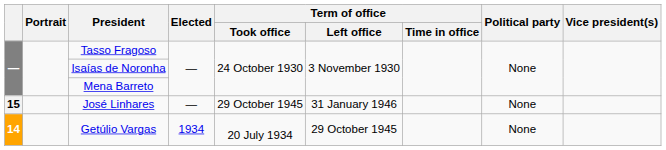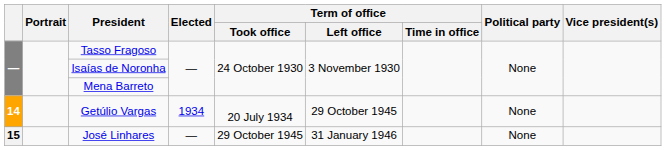 <table class="wikitable" style="text-align:center">
 <tr>
 <th rowspan="2"></th>
 <th rowspan="2">Portrait</th>
 <th rowspan="2">President<br></th>
 <th rowspan="2">Elected</th>
 <th colspan="3">Term of office</th>
 <th rowspan="2">Political party</th>
 <th rowspan="2">Vice president(s)</th>
 </tr>
 <tr bgcolor="#cccccc">
 <th>Took office</th>
 <th>Left office</th>
 <th>Time in office</th>
 </tr>
 <tr>
 <th rowspan="3" style="background:gray; color:white;">—</th>
 <td rowspan="3"></td>
 <td><a href='#'>Tasso Fragoso</a></td>
 <td rowspan="3">—</td>
 <td rowspan="3">24 October 1930</td>
 <td rowspan="3">3 November 1930</td>
 <td rowspan="3"></td>
 <td rowspan="3">None<br></td>
 <td rowspan="3" ></td>
 </tr>
 <tr>
 <td><a href='#'>Isaías de Noronha</a></td>
 </tr>
 <tr>
 <td><a href='#'>Mena Barreto</a></td>
 </tr>
 <tr>
+<th style="background:#FFA500; color:white;">14</th>
+<td></td>
+<td><a href='#'>Getúlio Vargas</a><br></td>
+<td><a href='#'>1934</a></td>
+<td><br>20 July 1934</td>
+<td>29 October 1945</td>
+<td></td>
+<td>None</td>
+<td></td>
+</tr>
+<tr>
 <th style="background:">15</th>
 <td></td>
 <td><a href='#'>José Linhares</a><br></td>
 <td>—</td>
 <td>29 October 1945</td>
 <td>31 January 1946</td>
 <td></td>
 <td>None</td>
 <td></td>
 </tr>
-<tr>
-<th style="background:#FFA500; color:white;">14</th>
-<td></td>
-<td><a href='#'>Getúlio Vargas</a><br></td>
-<td><a href='#'>1934</a></td>
-<td><br>20 July 1934</td>
-<td>29 October 1945</td>
-<td></td>
-<td>None</td>
-<td></td>
-</tr>
 </table>
